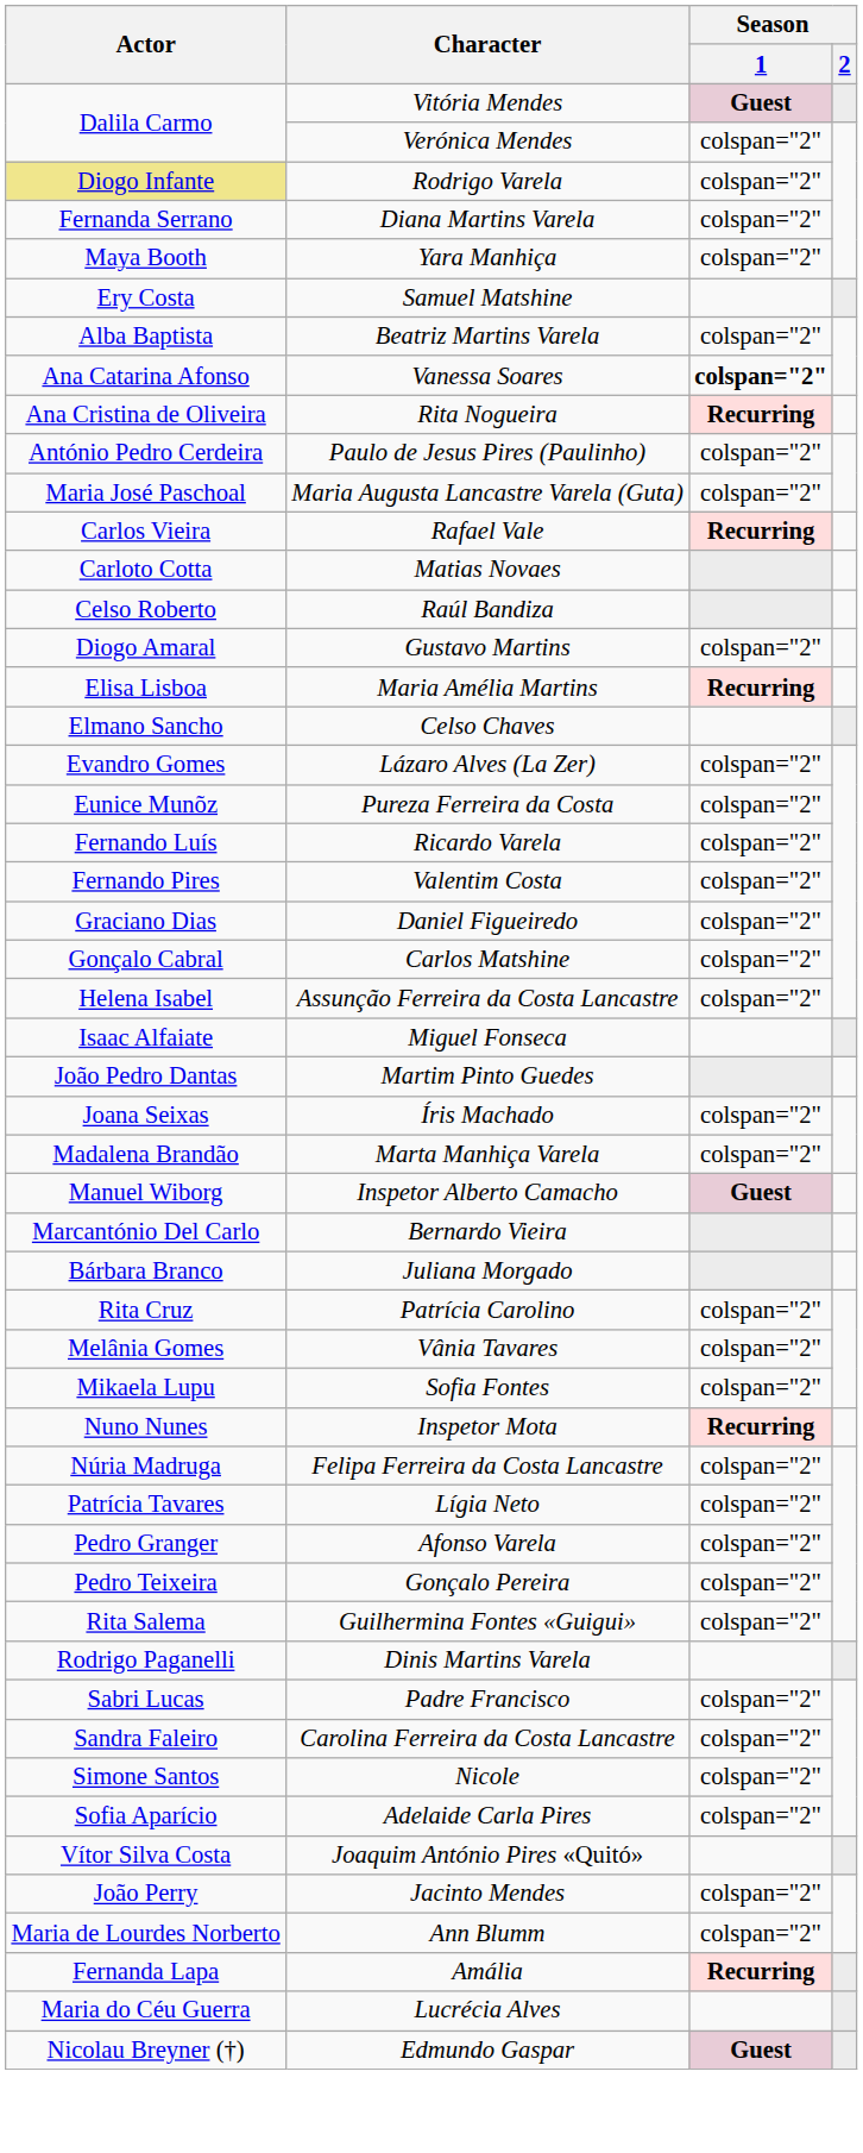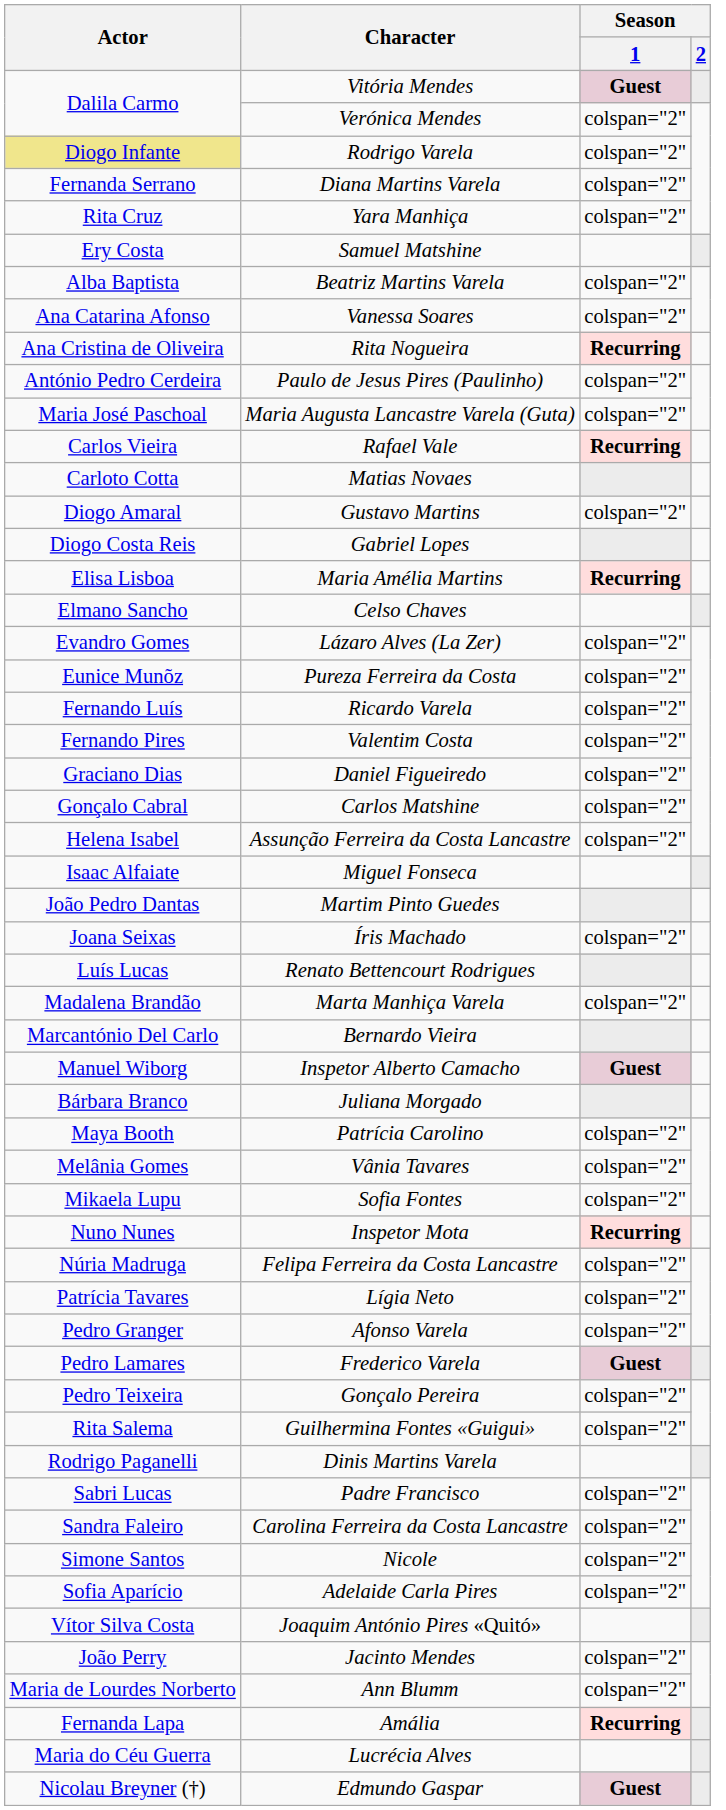 <table class="wikitable" style="text-align:center">
 <tr>
 <th rowspan="2">Actor</th>
 <th rowspan="2">Character</th>
 <th colspan="2">Season</th>
 </tr>
 <tr>
 <th><a href='#'>1</a></th>
 <th><a href='#'>2</a></th>
 </tr>
 <tr>
 <td rowspan="2"><a href='#'>Dalila Carmo</a></td>
 <td><em>Vitória Mendes</em></td>
 <td style="background: #E8CCD7"><strong>Guest</strong></td>
 <td style="background: #ececec"></td>
 </tr>
 <tr>
 <td><em>Verónica Mendes</em></td>
 <td>colspan="2" </td>
 </tr>
 <tr>
 <td style="background: khaki;"><a href='#'>Diogo Infante</a></td>
 <td><em>Rodrigo Varela</em></td>
 <td>colspan="2" </td>
 </tr>
 <tr>
 <td><a href='#'>Fernanda Serrano</a></td>
 <td><em>Diana Martins Varela</em></td>
 <td>colspan="2" </td>
 </tr>
 <tr>
-<td><a href='#'>Maya Booth</a></td>
+<td><a href='#'>Rita Cruz</a></td>
 <td><em>Yara Manhiça</em></td>
 <td>colspan="2" </td>
 </tr>
 <tr>
 <td><a href='#'>Ery Costa</a></td>
 <td><em>Samuel Matshine</em></td>
 <td></td>
 <td style="background: #ececec"></td>
 </tr>
 <tr>
 <td><a href='#'>Alba Baptista</a></td>
 <td><em>Beatriz Martins Varela</em></td>
 <td>colspan="2" </td>
 </tr>
 <tr>
 <td><a href='#'>Ana Catarina Afonso</a></td>
 <td><em>Vanessa Soares</em></td>
-<td><strong>colspan="2" </strong></td>
+<td>colspan="2" </td>
 </tr>
 <tr>
 <td><a href='#'>Ana Cristina de Oliveira</a></td>
 <td><em>Rita Nogueira</em></td>
 <td style="background: #ffdddd"><strong>Recurring</strong></td>
 <td></td>
 </tr>
 <tr>
 <td><a href='#'>António Pedro Cerdeira</a></td>
 <td><em>Paulo de Jesus Pires (Paulinho)</em></td>
 <td>colspan="2" </td>
 </tr>
 <tr>
 <td><a href='#'>Maria José Paschoal</a></td>
 <td><em>Maria Augusta Lancastre Varela (Guta)</em></td>
 <td>colspan="2" </td>
 </tr>
 <tr>
 <td><a href='#'>Carlos Vieira</a></td>
 <td><em>Rafael Vale</em></td>
 <td style="background: #ffdddd"><strong>Recurring</strong></td>
 <td></td>
 </tr>
 <tr>
 <td><a href='#'>Carloto Cotta</a></td>
 <td><em>Matias Novaes</em></td>
 <td style="background: #ececec"></td>
 <td></td>
 </tr>
 <tr>
-<td><a href='#'>Celso Roberto</a></td>
-<td><em>Raúl Bandiza</em></td>
-<td style="background: #ececec"></td>
-<td></td>
-</tr>
-<tr>
 <td><a href='#'>Diogo Amaral</a></td>
 <td><em>Gustavo Martins</em></td>
 <td>colspan="2" </td>
+</tr>
+<tr>
+<td><a href='#'>Diogo Costa Reis</a></td>
+<td><em>Gabriel Lopes</em></td>
+<td style="background: #ececec"></td>
+<td></td>
 </tr>
 <tr>
 <td><a href='#'>Elisa Lisboa</a></td>
 <td><em>Maria Amélia Martins</em></td>
 <td style="background: #ffdddd"><strong>Recurring</strong></td>
 <td></td>
 </tr>
 <tr>
 <td><a href='#'>Elmano Sancho</a></td>
 <td><em>Celso Chaves</em></td>
 <td></td>
 <td style="background: #ececec"></td>
 </tr>
 <tr>
 <td><a href='#'>Evandro Gomes</a></td>
 <td><em>Lázaro Alves (La Zer)</em></td>
 <td>colspan="2" </td>
 </tr>
 <tr>
 <td><a href='#'>Eunice Munõz</a></td>
 <td><em>Pureza Ferreira da Costa</em></td>
 <td>colspan="2" </td>
 </tr>
 <tr>
 <td><a href='#'>Fernando Luís</a></td>
 <td><em>Ricardo Varela</em></td>
 <td>colspan="2" </td>
 </tr>
 <tr>
 <td><a href='#'>Fernando Pires</a></td>
 <td><em>Valentim Costa</em></td>
 <td>colspan="2" </td>
 </tr>
 <tr>
 <td><a href='#'>Graciano Dias</a></td>
 <td><em>Daniel Figueiredo</em></td>
 <td>colspan="2" </td>
 </tr>
 <tr>
 <td><a href='#'>Gonçalo Cabral</a></td>
 <td><em>Carlos Matshine</em></td>
 <td>colspan="2" </td>
 </tr>
 <tr>
 <td><a href='#'>Helena Isabel</a></td>
 <td><em>Assunção Ferreira da Costa Lancastre</em></td>
 <td>colspan="2" </td>
 </tr>
 <tr>
 <td><a href='#'>Isaac Alfaiate</a></td>
 <td><em>Miguel Fonseca</em></td>
 <td></td>
 <td style="background: #ececec"></td>
 </tr>
 <tr>
 <td><a href='#'>João Pedro Dantas</a></td>
 <td><em>Martim Pinto Guedes</em></td>
 <td style="background: #ececec"></td>
 <td></td>
 </tr>
 <tr>
 <td><a href='#'>Joana Seixas</a></td>
 <td><em>Íris Machado</em></td>
 <td>colspan="2" </td>
 </tr>
 <tr>
+<td><a href='#'>Luís Lucas</a></td>
+<td><em>Renato Bettencourt Rodrigues</em></td>
+<td style="background: #ececec"></td>
+<td></td>
+</tr>
+<tr>
 <td><a href='#'>Madalena Brandão</a></td>
 <td><em>Marta Manhiça Varela</em></td>
 <td>colspan="2" </td>
 </tr>
 <tr>
+<td><a href='#'>Marcantónio Del Carlo</a></td>
+<td><em>Bernardo Vieira</em></td>
+<td style="background: #ececec"></td>
+<td></td>
+</tr>
+<tr>
 <td><a href='#'>Manuel Wiborg</a></td>
 <td><em>Inspetor Alberto Camacho</em></td>
 <td style="background: #E8CCD7"><strong>Guest</strong></td>
-<td></td>
-</tr>
-<tr>
-<td><a href='#'>Marcantónio Del Carlo</a></td>
-<td><em>Bernardo Vieira</em></td>
-<td style="background: #ececec"></td>
 <td></td>
 </tr>
 <tr>
 <td><a href='#'>Bárbara Branco</a></td>
 <td><em>Juliana Morgado</em></td>
 <td style="background: #ececec"></td>
 <td></td>
 </tr>
 <tr>
-<td><a href='#'>Rita Cruz</a></td>
+<td><a href='#'>Maya Booth</a></td>
 <td><em>Patrícia Carolino</em></td>
 <td>colspan="2" </td>
 </tr>
 <tr>
 <td><a href='#'>Melânia Gomes</a></td>
 <td><em>Vânia Tavares</em></td>
 <td>colspan="2" </td>
 </tr>
 <tr>
 <td><a href='#'>Mikaela Lupu</a></td>
 <td><em>Sofia Fontes</em></td>
 <td>colspan="2" </td>
 </tr>
 <tr>
 <td><a href='#'>Nuno Nunes</a></td>
 <td><em>Inspetor Mota</em></td>
 <td style="background: #ffdddd"><strong>Recurring</strong></td>
 <td></td>
 </tr>
 <tr>
 <td><a href='#'>Núria Madruga</a></td>
 <td><em>Felipa Ferreira da Costa Lancastre</em></td>
 <td>colspan="2" </td>
 </tr>
 <tr>
 <td><a href='#'>Patrícia Tavares</a></td>
 <td><em>Lígia Neto</em></td>
 <td>colspan="2" </td>
 </tr>
 <tr>
 <td><a href='#'>Pedro Granger</a></td>
 <td><em>Afonso Varela</em></td>
 <td>colspan="2" </td>
+</tr>
+<tr>
+<td><a href='#'>Pedro Lamares</a></td>
+<td><em>Frederico Varela</em></td>
+<td style="background: #E8CCD7"><strong>Guest</strong></td>
+<td style="background: #ececec"></td>
 </tr>
 <tr>
 <td><a href='#'>Pedro Teixeira</a></td>
 <td><em>Gonçalo Pereira</em></td>
 <td>colspan="2" </td>
 </tr>
 <tr>
 <td><a href='#'>Rita Salema</a></td>
 <td><em>Guilhermina Fontes «Guigui»</em></td>
 <td>colspan="2" </td>
 </tr>
 <tr>
 <td><a href='#'>Rodrigo Paganelli</a></td>
 <td><em>Dinis Martins Varela</em></td>
 <td></td>
 <td style="background: #ececec"></td>
 </tr>
 <tr>
 <td><a href='#'>Sabri Lucas</a></td>
 <td><em>Padre Francisco</em></td>
 <td>colspan="2" </td>
 </tr>
 <tr>
 <td><a href='#'>Sandra Faleiro</a></td>
 <td><em>Carolina Ferreira da Costa Lancastre</em></td>
 <td>colspan="2" </td>
 </tr>
 <tr>
 <td><a href='#'>Simone Santos</a></td>
 <td><em>Nicole</em></td>
 <td>colspan="2" </td>
 </tr>
 <tr>
 <td><a href='#'>Sofia Aparício</a></td>
 <td><em>Adelaide Carla Pires</em></td>
 <td>colspan="2" </td>
 </tr>
 <tr>
 <td><a href='#'>Vítor Silva Costa</a></td>
 <td><em>Joaquim António Pires</em> «Quitó»</td>
 <td></td>
 <td style="background: #ececec"></td>
 </tr>
 <tr>
 <td><a href='#'>João Perry</a></td>
 <td><em>Jacinto Mendes</em></td>
 <td>colspan="2" </td>
 </tr>
 <tr>
 <td><a href='#'>Maria de Lourdes Norberto</a></td>
 <td><em>Ann Blumm</em></td>
 <td>colspan="2" </td>
 </tr>
 <tr>
 <td><a href='#'>Fernanda Lapa</a></td>
 <td><em>Amália</em></td>
 <td style="background: #ffdddd"><strong>Recurring</strong></td>
 <td style="background: #ececec"></td>
 </tr>
 <tr>
 <td><a href='#'>Maria do Céu Guerra</a></td>
 <td><em>Lucrécia Alves</em></td>
 <td></td>
 <td style="background: #ececec"></td>
 </tr>
 <tr>
 <td><a href='#'>Nicolau Breyner</a> (†)</td>
 <td><em>Edmundo Gaspar</em></td>
 <td style="background: #E8CCD7"><strong>Guest</strong></td>
 <td style="background: #ececec"></td>
 </tr>
 </table>
